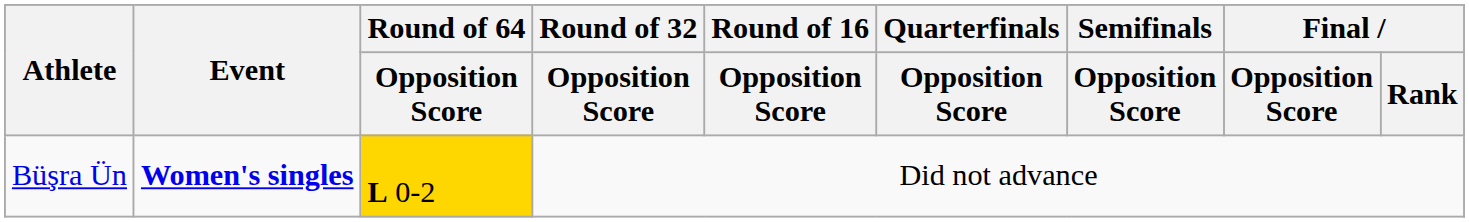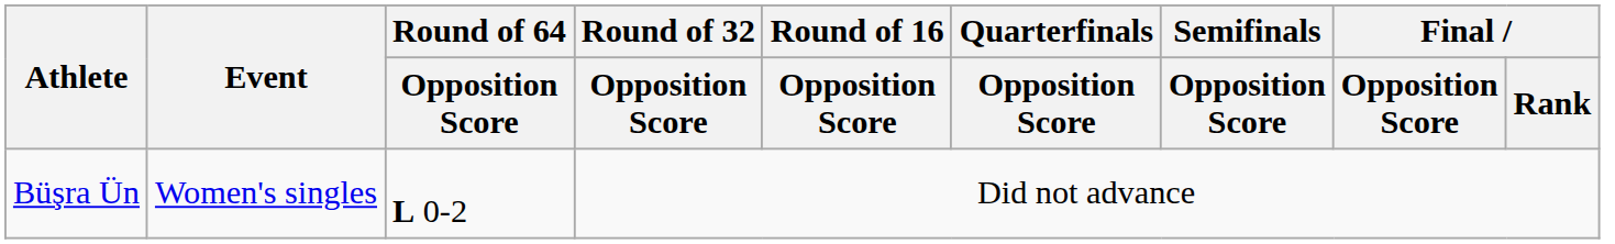 <table class=wikitable>
 <tr>
 <th rowspan="2">Athlete</th>
 <th rowspan="2">Event</th>
 <th>Round of 64</th>
 <th>Round of 32</th>
 <th>Round of 16</th>
 <th>Quarterfinals</th>
 <th>Semifinals</th>
 <th colspan="2">Final / </th>
 </tr>
 <tr>
 <th>Opposition<br>Score</th>
 <th>Opposition<br>Score</th>
 <th>Opposition<br>Score</th>
 <th>Opposition<br>Score</th>
 <th>Opposition<br>Score</th>
 <th>Opposition<br>Score</th>
 <th>Rank</th>
 </tr>
 <tr>
 <td align=left><a href='#'>Büşra Ün</a></td>
-<td align=left><strong><a href='#'>Women's singles</a></strong></td>
-<td style="background: gold;"><br><strong>L</strong> 0-2</td>
+<td align=left><a href='#'>Women's singles</a></td>
+<td><br><strong>L</strong> 0-2</td>
 <td align="center" colspan=6>Did not advance</td>
 </tr>
 </table>
